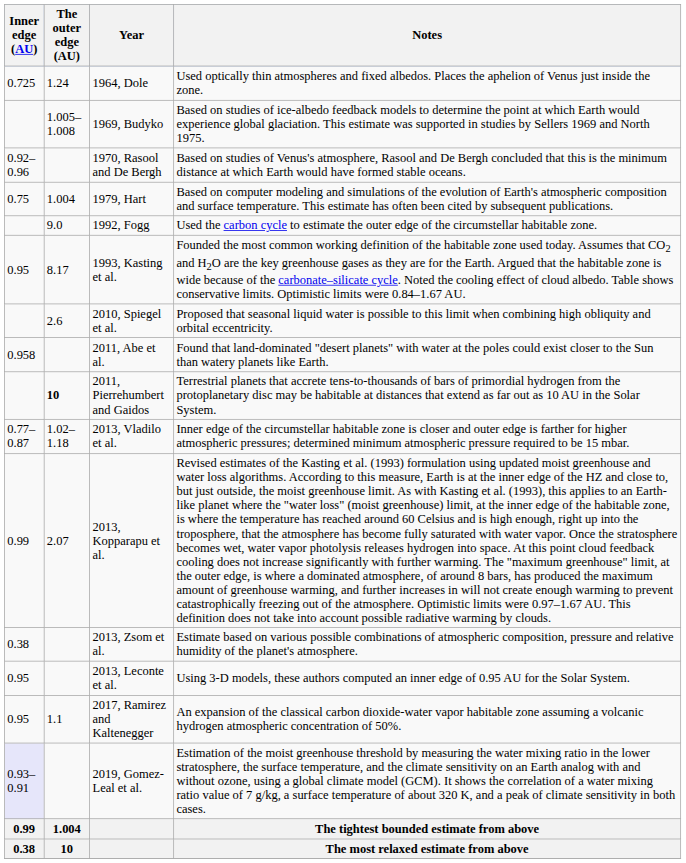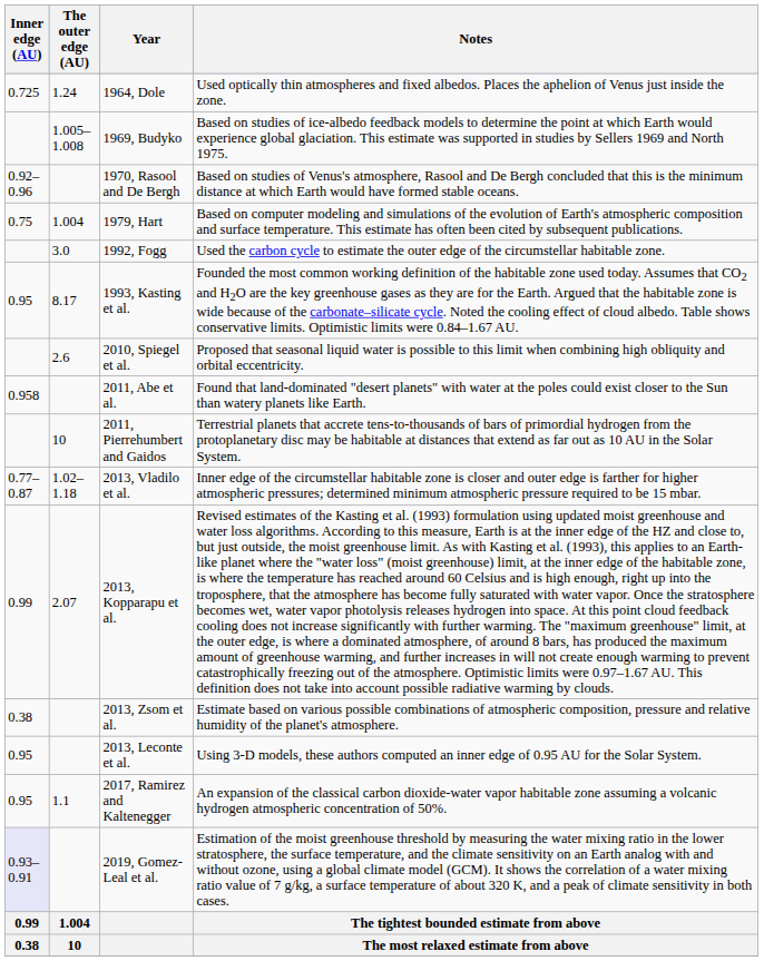 <table class="wikitable sortable">
 <tr style="text-align:center; align:center; background:#90b0f0;">
 <th>Inner edge (<a href='#'>AU</a>)</th>
 <th>The outer edge (AU)</th>
 <th>Year</th>
 <th>Notes</th>
 </tr>
 <tr>
 <td>0.725</td>
 <td>1.24</td>
 <td>1964, Dole</td>
 <td>Used optically thin atmospheres and fixed albedos. Places the aphelion of Venus just inside the zone.</td>
 </tr>
 <tr>
 <td></td>
 <td>1.005–1.008</td>
 <td>1969, Budyko</td>
 <td>Based on studies of ice-albedo feedback models to determine the point at which Earth would experience global glaciation. This estimate was supported in studies by Sellers 1969 and North 1975.</td>
 </tr>
 <tr>
 <td>0.92–0.96</td>
 <td></td>
 <td>1970, Rasool and De Bergh</td>
 <td>Based on studies of Venus's atmosphere, Rasool and De Bergh concluded that this is the minimum distance at which Earth would have formed stable oceans.</td>
 </tr>
 <tr>
 <td>0.75</td>
 <td>1.004</td>
 <td>1979, Hart</td>
 <td>Based on computer modeling and simulations of the evolution of Earth's atmospheric composition and surface temperature. This estimate has often been cited by subsequent publications.</td>
 </tr>
 <tr>
 <td></td>
-<td>9.0</td>
+<td>3.0</td>
 <td>1992, Fogg</td>
 <td>Used the <a href='#'>carbon cycle</a> to estimate the outer edge of the circumstellar habitable zone.</td>
 </tr>
 <tr>
 <td>0.95</td>
 <td>8.17</td>
 <td>1993, Kasting et al.</td>
 <td>Founded the most common working definition of the habitable zone used today. Assumes that CO<sub>2</sub> and H<sub>2</sub>O are the key greenhouse gases as they are for the Earth. Argued that the habitable zone is wide because of the <a href='#'>carbonate–silicate cycle</a>. Noted the cooling effect of cloud albedo. Table shows conservative limits. Optimistic limits were 0.84–1.67 AU.</td>
 </tr>
 <tr>
 <td></td>
 <td>2.6</td>
 <td>2010, Spiegel et al.</td>
 <td>Proposed that seasonal liquid water is possible to this limit when combining high obliquity and orbital eccentricity.</td>
 </tr>
 <tr>
 <td>0.958</td>
 <td></td>
 <td>2011, Abe et al.</td>
 <td>Found that land-dominated "desert planets" with water at the poles could exist closer to the Sun than watery planets like Earth.</td>
 </tr>
 <tr>
 <td></td>
-<td><strong>10</strong></td>
+<td>10</td>
 <td>2011, Pierrehumbert and Gaidos</td>
 <td>Terrestrial planets that accrete tens-to-thousands of bars of primordial hydrogen from the protoplanetary disc may be habitable at distances that extend as far out as 10 AU in the Solar System.</td>
 </tr>
 <tr>
 <td>0.77–0.87</td>
 <td>1.02–1.18</td>
 <td>2013, Vladilo et al.</td>
 <td>Inner edge of the circumstellar habitable zone is closer and outer edge is farther for higher atmospheric pressures; determined minimum atmospheric pressure required to be 15 mbar.</td>
 </tr>
 <tr>
 <td>0.99</td>
 <td>2.07</td>
 <td>2013, Kopparapu et al.</td>
 <td>Revised estimates of the Kasting et al. (1993) formulation using updated moist greenhouse and water loss algorithms. According to this measure, Earth is at the inner edge of the HZ and close to, but just outside, the moist greenhouse limit. As with Kasting et al. (1993), this applies to an Earth-like planet where the "water loss" (moist greenhouse) limit, at the inner edge of the habitable zone, is where the temperature has reached around 60 Celsius and is high enough, right up into the troposphere, that the atmosphere has become fully saturated with water vapor. Once the stratosphere becomes wet, water vapor photolysis releases hydrogen into space. At this point cloud feedback cooling does not increase significantly with further warming. The "maximum greenhouse" limit, at the outer edge, is where a  dominated atmosphere, of around 8 bars, has produced the maximum amount of greenhouse warming, and further increases in  will not create enough warming to prevent  catastrophically freezing out of the atmosphere. Optimistic limits were 0.97–1.67 AU. This definition does not take into account possible radiative warming by  clouds.</td>
 </tr>
 <tr>
 <td>0.38</td>
 <td></td>
 <td>2013, Zsom et al.<br></td>
 <td>Estimate based on various possible combinations of atmospheric composition, pressure and relative humidity of the planet's atmosphere.</td>
 </tr>
 <tr>
 <td>0.95</td>
 <td></td>
 <td>2013, Leconte et al.</td>
 <td>Using 3-D models, these authors computed an inner edge of 0.95 AU for the Solar System.</td>
 </tr>
 <tr>
 <td>0.95</td>
 <td>1.1</td>
 <td>2017, Ramirez and Kaltenegger<br></td>
 <td>An expansion of the classical carbon dioxide-water vapor habitable zone assuming a volcanic hydrogen atmospheric concentration of 50%.</td>
 </tr>
 <tr>
 <td style="background: lavender;">0.93–0.91</td>
 <td></td>
 <td>2019, Gomez-Leal et al.<br></td>
 <td>Estimation of the moist greenhouse threshold by measuring the water mixing ratio in the lower stratosphere, the surface temperature, and the climate sensitivity on an Earth analog with and without ozone, using a global climate model (GCM). It shows the correlation of a water mixing ratio value of 7 g/kg, a surface temperature of about 320 K, and a peak of climate sensitivity in both cases.</td>
 </tr>
 <tr>
 <th>0.99</th>
 <th>1.004</th>
 <th></th>
 <th>The tightest bounded estimate from above</th>
 </tr>
 <tr>
 <th>0.38</th>
 <th>10</th>
 <th></th>
 <th>The most relaxed estimate from above</th>
 </tr>
 <tr>
 </tr>
 </table>
